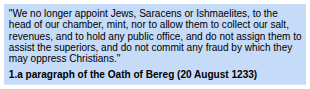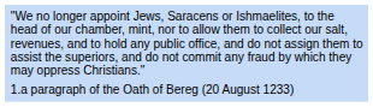 <table class="toccolours" style="float: right; margin-left: 2em; margin-right: 1em; font-size: 85%; background:#c6dbf7; color:black; width:30em; max-width: 40%;" cellspacing="5">
 <tr>
 <td style="text-align: left;">"We no longer appoint Jews, Saracens or Ishmaelites, to the head of our chamber, mint, nor to allow them to collect our salt, revenues, and to hold any public office, and do not assign them to assist the superiors, and do not commit any fraud by which they may oppress Christians."</td>
 </tr>
 <tr>
-<td style="text-align: left;"><strong>1.a paragraph of the Oath of Bereg (20 August 1233)</strong></td>
+<td style="text-align: left;">1.a paragraph of the Oath of Bereg (20 August 1233)</td>
 </tr>
 </table>
